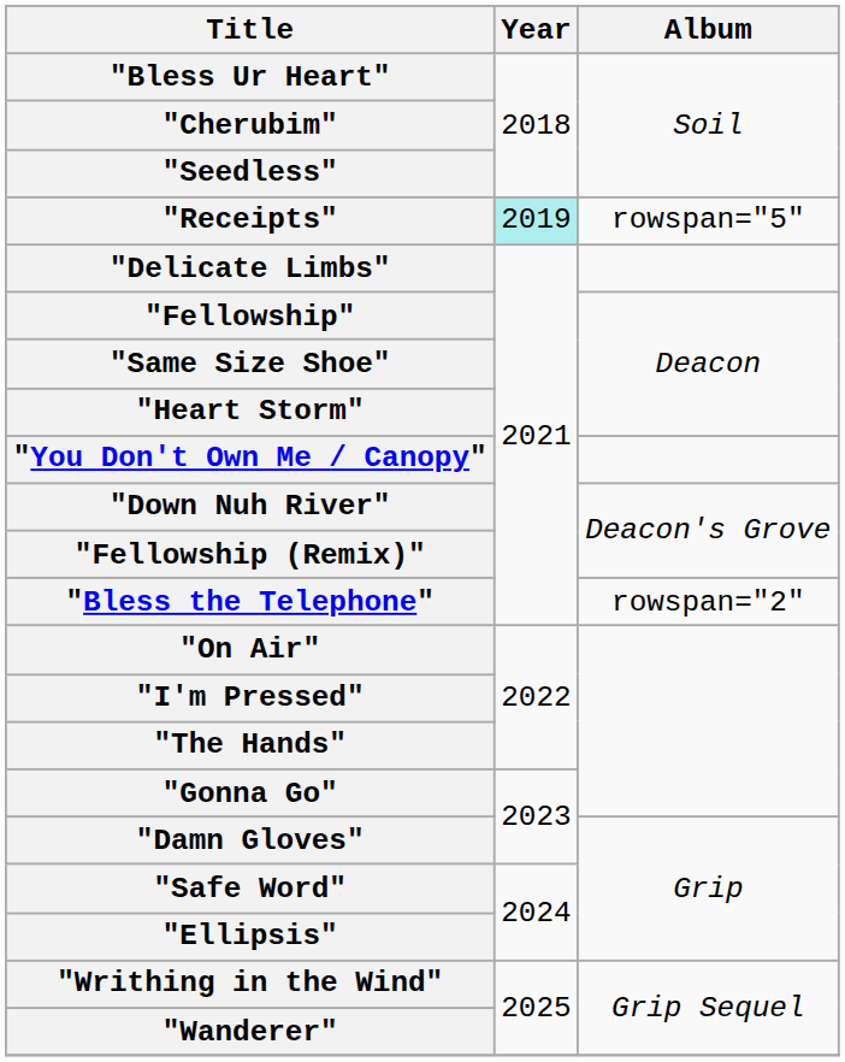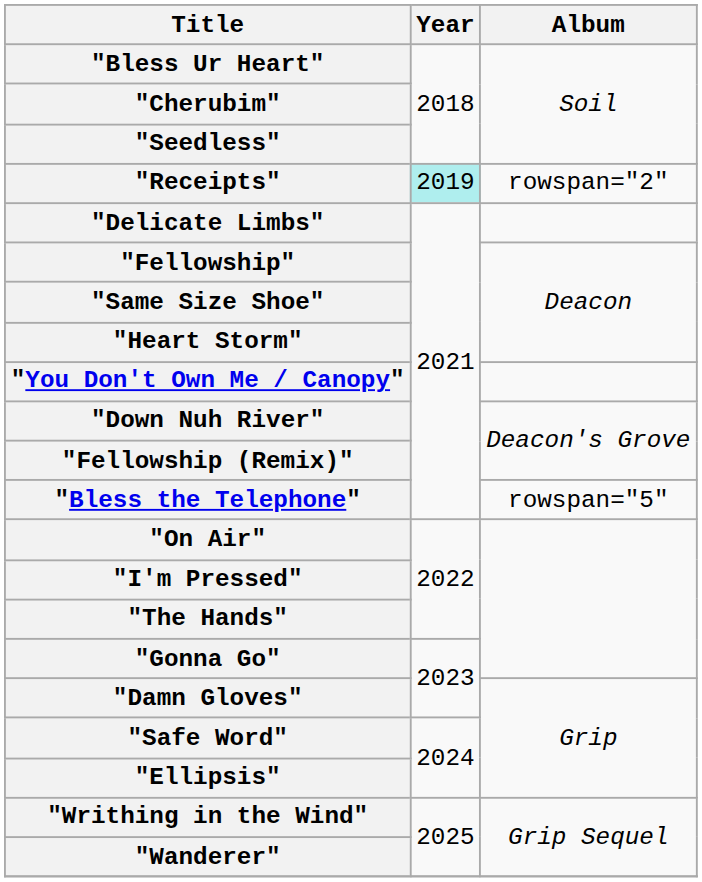 <table class="wikitable plainrowheaders" style="text-align:center">
 <tr>
 <th scope="col">Title</th>
 <th scope="col">Year</th>
 <th scope="col">Album</th>
 </tr>
 <tr>
 <th scope="row">"Bless Ur Heart"</th>
 <td rowspan="3">2018</td>
 <td rowspan="3"><em>Soil</em></td>
 </tr>
 <tr>
 <th scope="row">"Cherubim"</th>
 </tr>
 <tr>
 <th scope="row">"Seedless"</th>
 </tr>
 <tr>
 <th scope="row">"Receipts"<br></th>
 <td style="background: paleturquoise;">2019</td>
-<td>rowspan="5" </td>
+<td>rowspan="2" </td>
 </tr>
 <tr>
 <th scope="row">"Delicate Limbs"<br></th>
 <td rowspan="8">2021</td>
 </tr>
 <tr>
 <th scope="row">"Fellowship"</th>
 <td rowspan="3"><em>Deacon</em></td>
 </tr>
 <tr>
 <th scope="row">"Same Size Shoe"</th>
 </tr>
 <tr>
 <th scope="row">"Heart Storm"<br></th>
 </tr>
 <tr>
 <th scope="row">"<a href='#'>You Don't Own Me / Canopy</a>"</th>
 <td></td>
 </tr>
 <tr>
 <th scope="row">"Down Nuh River"</th>
 <td rowspan="2"><em>Deacon's Grove</em></td>
 </tr>
 <tr>
 <th scope="row">"Fellowship (Remix)"<br></th>
 </tr>
 <tr>
 <th scope="row">"<a href='#'>Bless the Telephone</a>"</th>
-<td>rowspan="2" </td>
+<td>rowspan="5" </td>
 </tr>
 <tr>
 <th scope="row">"On Air"<br></th>
 <td rowspan="3">2022</td>
 </tr>
 <tr>
 <th scope="row">"I'm Pressed"</th>
 </tr>
 <tr>
 <th scope="row">"The Hands"<br></th>
 </tr>
 <tr>
 <th scope="row">"Gonna Go"</th>
 <td rowspan="2">2023</td>
 </tr>
 <tr>
 <th scope="row">"Damn Gloves"<br></th>
 <td rowspan="3"><em>Grip</em></td>
 </tr>
 <tr>
 <th scope="row">"Safe Word"</th>
 <td rowspan="2">2024</td>
 </tr>
 <tr>
 <th scope="row">"Ellipsis"<br></th>
 </tr>
 <tr>
 <th scope="row">"Writhing in the Wind"</th>
 <td rowspan="2">2025</td>
 <td rowspan="2"><em>Grip Sequel</em></td>
 </tr>
 <tr>
 <th scope="row">"Wanderer"</th>
 </tr>
 <tr>
 </tr>
 </table>
